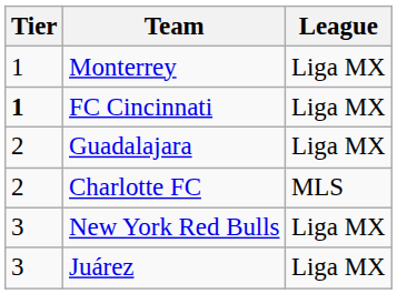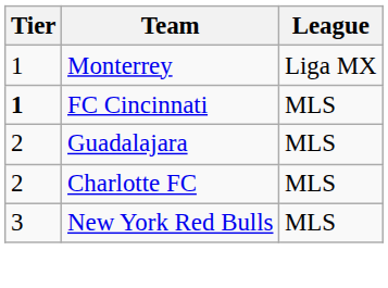 <table class="wikitable" style="white-space:nowrap; display:inline-table;">
 <tr>
 <th>Tier</th>
 <th>Team</th>
 <th>League</th>
 </tr>
 <tr>
 <td>1</td>
 <td><a href='#'>Monterrey</a></td>
 <td>Liga MX</td>
 </tr>
 <tr>
 <td><strong>1</strong></td>
 <td><a href='#'>FC Cincinnati</a></td>
-<td>Liga MX</td>
+<td>MLS</td>
 </tr>
 <tr>
 <td>2</td>
 <td><a href='#'>Guadalajara</a></td>
-<td>Liga MX</td>
+<td>MLS</td>
 </tr>
 <tr>
 <td>2</td>
 <td><a href='#'>Charlotte FC</a></td>
 <td>MLS</td>
 </tr>
 <tr>
 <td>3</td>
 <td><a href='#'>New York Red Bulls</a></td>
-<td>Liga MX</td>
-</tr>
-<tr>
-<td>3</td>
-<td><a href='#'>Juárez</a></td>
-<td>Liga MX</td>
+<td>MLS</td>
 </tr>
 </table>
